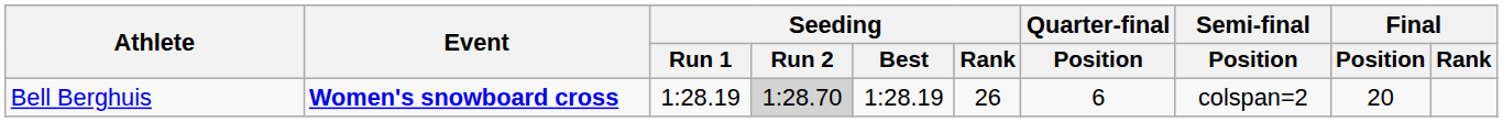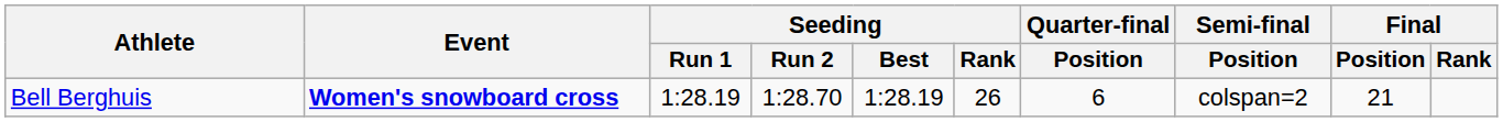 <table class="wikitable plainrowheaders" style="text-align: center;font-size:90%">
 <tr>
 <th scope="col" rowspan="2" style="width:12em;">Athlete</th>
 <th scope="col" rowspan="2" style="width:14em;">Event</th>
 <th scope="col" colspan="4">Seeding</th>
 <th scope="col" style="width:6em;">Quarter-final</th>
 <th scope="col" style="width:6em;">Semi-final</th>
 <th scope="col" style="width:6em;" colspan=2>Final</th>
 </tr>
 <tr style="font-size:95%">
 <th scope="col" style="width:4em;">Run 1</th>
 <th scope="col" style="width:4em;">Run 2</th>
 <th scope="col" style="width:4em;">Best</th>
 <th scope="col">Rank</th>
 <th scope="col">Position</th>
 <th scope="col">Position</th>
 <th scope="col">Position</th>
 <th scope="col">Rank</th>
 </tr>
 <tr>
 <td align=left><a href='#'>Bell Berghuis</a></td>
 <td align=left><strong><a href='#'>Women's snowboard cross</a></strong></td>
 <td>1:28.19</td>
-<td style="background: lightgrey;">1:28.70</td>
+<td>1:28.70</td>
 <td>1:28.19</td>
 <td>26</td>
 <td>6</td>
 <td>colspan=2 </td>
-<td>20</td>
+<td>21</td>
 </tr>
 </table>
